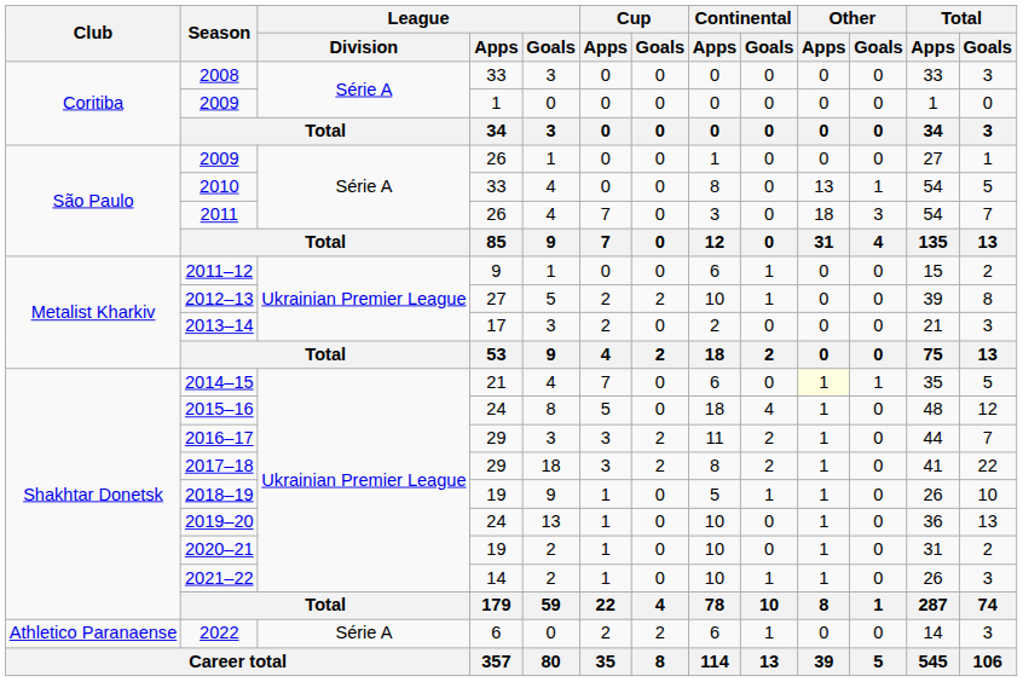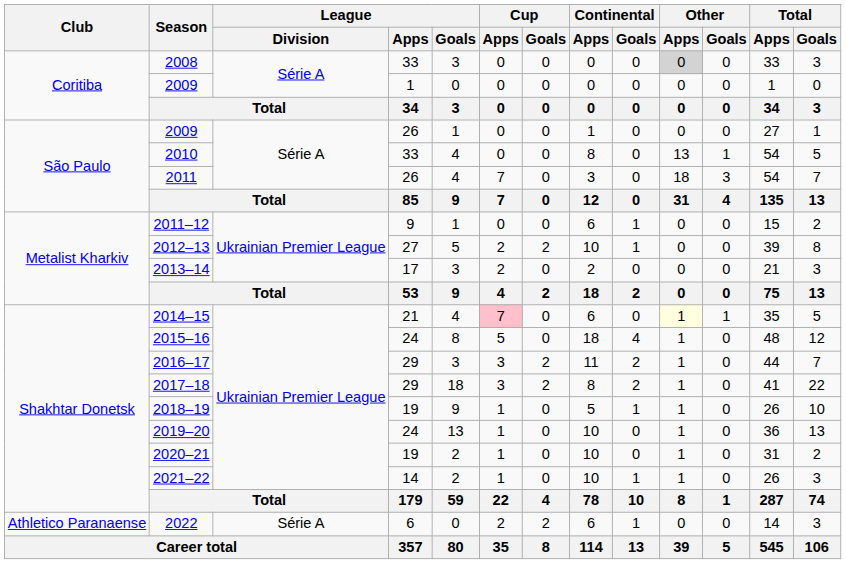 <table class="wikitable" style="text-align:center">
 <tr>
 <th rowspan="2">Club</th>
 <th rowspan="2">Season</th>
 <th colspan="3">League</th>
 <th colspan="2">Cup</th>
 <th colspan="2">Continental</th>
 <th colspan="2">Other</th>
 <th colspan="2">Total</th>
 </tr>
 <tr>
 <th>Division</th>
 <th>Apps</th>
 <th>Goals</th>
 <th>Apps</th>
 <th>Goals</th>
 <th>Apps</th>
 <th>Goals</th>
 <th>Apps</th>
 <th>Goals</th>
 <th>Apps</th>
 <th>Goals</th>
 </tr>
 <tr>
 <td rowspan="3"><a href='#'>Coritiba</a></td>
 <td><a href='#'>2008</a></td>
 <td rowspan="2"><a href='#'>Série A</a></td>
 <td>33</td>
 <td>3</td>
 <td>0</td>
 <td>0</td>
 <td>0</td>
 <td>0</td>
-<td>0</td>
+<td style="background: lightgrey;">0</td>
 <td>0</td>
 <td>33</td>
 <td>3</td>
 </tr>
 <tr>
 <td><a href='#'>2009</a></td>
 <td>1</td>
 <td>0</td>
 <td>0</td>
 <td>0</td>
 <td>0</td>
 <td>0</td>
 <td>0</td>
 <td>0</td>
 <td>1</td>
 <td>0</td>
 </tr>
 <tr>
 <th colspan="2">Total</th>
 <th>34</th>
 <th>3</th>
 <th>0</th>
 <th>0</th>
 <th>0</th>
 <th>0</th>
 <th>0</th>
 <th>0</th>
 <th>34</th>
 <th>3</th>
 </tr>
 <tr>
 <td rowspan="4"><a href='#'>São Paulo</a></td>
 <td><a href='#'>2009</a></td>
 <td rowspan="3">Série A</td>
 <td>26</td>
 <td>1</td>
 <td>0</td>
 <td>0</td>
 <td>1</td>
 <td>0</td>
 <td>0</td>
 <td>0</td>
 <td>27</td>
 <td>1</td>
 </tr>
 <tr>
 <td><a href='#'>2010</a></td>
 <td>33</td>
 <td>4</td>
 <td>0</td>
 <td>0</td>
 <td>8</td>
 <td>0</td>
 <td>13</td>
 <td>1</td>
 <td>54</td>
 <td>5</td>
 </tr>
 <tr>
 <td><a href='#'>2011</a></td>
 <td>26</td>
 <td>4</td>
 <td>7</td>
 <td>0</td>
 <td>3</td>
 <td>0</td>
 <td>18</td>
 <td>3</td>
 <td>54</td>
 <td>7</td>
 </tr>
 <tr>
 <th colspan="2">Total</th>
 <th>85</th>
 <th>9</th>
 <th>7</th>
 <th>0</th>
 <th>12</th>
 <th>0</th>
 <th>31</th>
 <th>4</th>
 <th>135</th>
 <th>13</th>
 </tr>
 <tr>
 <td rowspan="4"><a href='#'>Metalist Kharkiv</a></td>
 <td><a href='#'>2011–12</a></td>
 <td rowspan="3"><a href='#'>Ukrainian Premier League</a></td>
 <td>9</td>
 <td>1</td>
 <td>0</td>
 <td>0</td>
 <td>6</td>
 <td>1</td>
 <td>0</td>
 <td>0</td>
 <td>15</td>
 <td>2</td>
 </tr>
 <tr>
 <td><a href='#'>2012–13</a></td>
 <td>27</td>
 <td>5</td>
 <td>2</td>
 <td>2</td>
 <td>10</td>
 <td>1</td>
 <td>0</td>
 <td>0</td>
 <td>39</td>
 <td>8</td>
 </tr>
 <tr>
 <td><a href='#'>2013–14</a></td>
 <td>17</td>
 <td>3</td>
 <td>2</td>
 <td>0</td>
 <td>2</td>
 <td>0</td>
 <td>0</td>
 <td>0</td>
 <td>21</td>
 <td>3</td>
 </tr>
 <tr>
 <th colspan="2">Total</th>
 <th>53</th>
 <th>9</th>
 <th>4</th>
 <th>2</th>
 <th>18</th>
 <th>2</th>
 <th>0</th>
 <th>0</th>
 <th>75</th>
 <th>13</th>
 </tr>
 <tr>
 <td rowspan="9"><a href='#'>Shakhtar Donetsk</a></td>
 <td><a href='#'>2014–15</a></td>
 <td rowspan="8"><a href='#'>Ukrainian Premier League</a></td>
 <td>21</td>
 <td>4</td>
-<td>7</td>
+<td style="background: pink;">7</td>
 <td>0</td>
 <td>6</td>
 <td>0</td>
 <td style="background: lightyellow;">1</td>
 <td>1</td>
 <td>35</td>
 <td>5</td>
 </tr>
 <tr>
 <td><a href='#'>2015–16</a></td>
 <td>24</td>
 <td>8</td>
 <td>5</td>
 <td>0</td>
 <td>18</td>
 <td>4</td>
 <td>1</td>
 <td>0</td>
 <td>48</td>
 <td>12</td>
 </tr>
 <tr>
 <td><a href='#'>2016–17</a></td>
 <td>29</td>
 <td>3</td>
 <td>3</td>
 <td>2</td>
 <td>11</td>
 <td>2</td>
 <td>1</td>
 <td>0</td>
 <td>44</td>
 <td>7</td>
 </tr>
 <tr>
 <td><a href='#'>2017–18</a></td>
 <td>29</td>
 <td>18</td>
 <td>3</td>
 <td>2</td>
 <td>8</td>
 <td>2</td>
 <td>1</td>
 <td>0</td>
 <td>41</td>
 <td>22</td>
 </tr>
 <tr>
 <td><a href='#'>2018–19</a></td>
 <td>19</td>
 <td>9</td>
 <td>1</td>
 <td>0</td>
 <td>5</td>
 <td>1</td>
 <td>1</td>
 <td>0</td>
 <td>26</td>
 <td>10</td>
 </tr>
 <tr>
 <td><a href='#'>2019–20</a></td>
 <td>24</td>
 <td>13</td>
 <td>1</td>
 <td>0</td>
 <td>10</td>
 <td>0</td>
 <td>1</td>
 <td>0</td>
 <td>36</td>
 <td>13</td>
 </tr>
 <tr>
 <td><a href='#'>2020–21</a></td>
 <td>19</td>
 <td>2</td>
 <td>1</td>
 <td>0</td>
 <td>10</td>
 <td>0</td>
 <td>1</td>
 <td>0</td>
 <td>31</td>
 <td>2</td>
 </tr>
 <tr>
 <td><a href='#'>2021–22</a></td>
 <td>14</td>
 <td>2</td>
 <td>1</td>
 <td>0</td>
 <td>10</td>
 <td>1</td>
 <td>1</td>
 <td>0</td>
 <td>26</td>
 <td>3</td>
 </tr>
 <tr>
 <th colspan="2">Total</th>
 <th>179</th>
 <th>59</th>
 <th>22</th>
 <th>4</th>
 <th>78</th>
 <th>10</th>
 <th>8</th>
 <th>1</th>
 <th>287</th>
 <th>74</th>
 </tr>
 <tr>
 <td><a href='#'>Athletico Paranaense</a></td>
 <td><a href='#'>2022</a></td>
 <td>Série A</td>
 <td>6</td>
 <td>0</td>
 <td>2</td>
 <td>2</td>
 <td>6</td>
 <td>1</td>
 <td>0</td>
 <td>0</td>
 <td>14</td>
 <td>3</td>
 </tr>
 <tr>
 <th colspan="3">Career total</th>
 <th>357</th>
 <th>80</th>
 <th>35</th>
 <th>8</th>
 <th>114</th>
 <th>13</th>
 <th>39</th>
 <th>5</th>
 <th>545</th>
 <th>106</th>
 </tr>
 </table>
